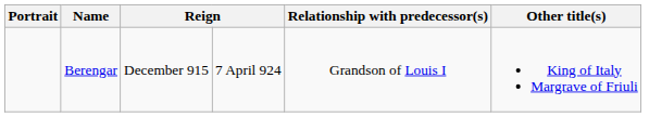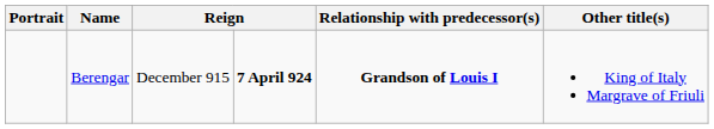 <table class="wikitable" style="text-align:center">
 <tr>
 <th>Portrait</th>
 <th>Name<br></th>
 <th colspan=2>Reign</th>
 <th>Relationship with predecessor(s)</th>
 <th>Other title(s)</th>
 </tr>
 <tr>
 <td></td>
 <td><a href='#'>Berengar</a><br></td>
 <td>December 915</td>
-<td>7 April 924</td>
-<td>Grandson of <a href='#'>Louis I</a></td>
+<td><strong>7 April 924</strong></td>
+<td><strong>Grandson of <a href='#'>Louis I</a></strong></td>
 <td class=small><br><ul><li><a href='#'>King of Italy</a></li><li><a href='#'>Margrave of Friuli</a></li></ul></td>
 </tr>
 </table>
